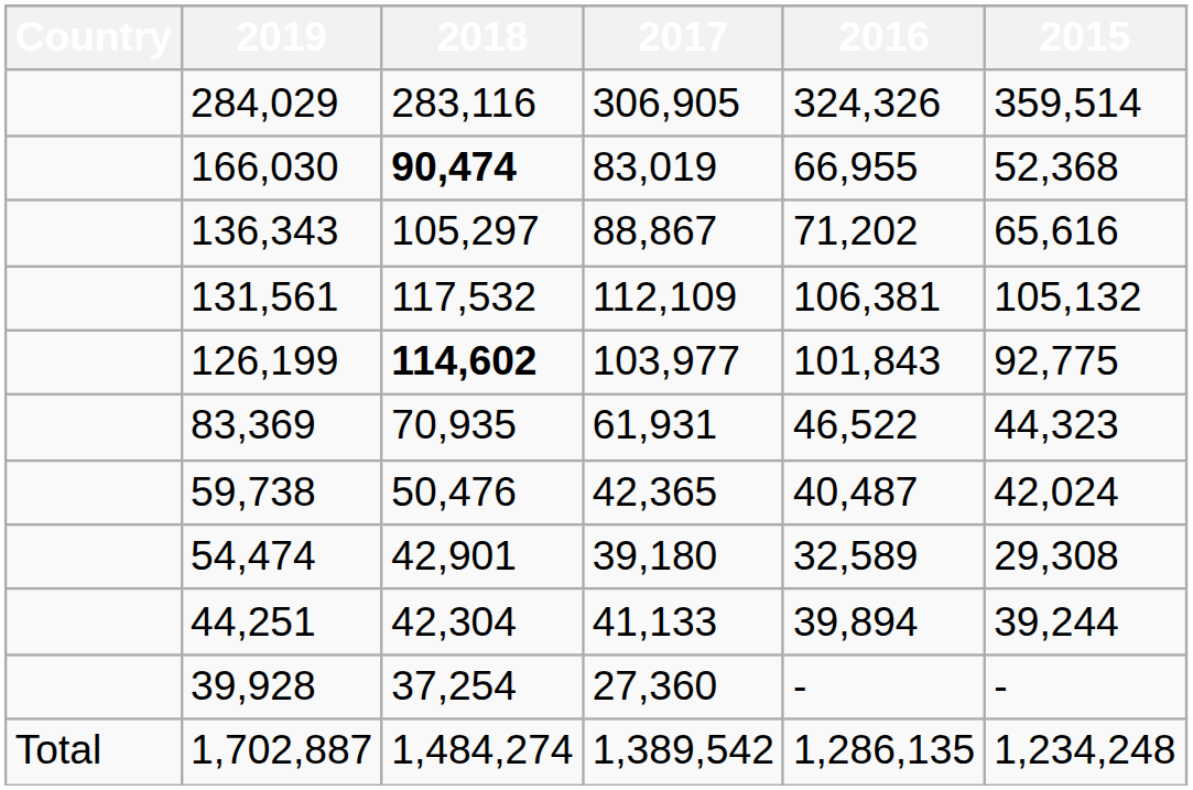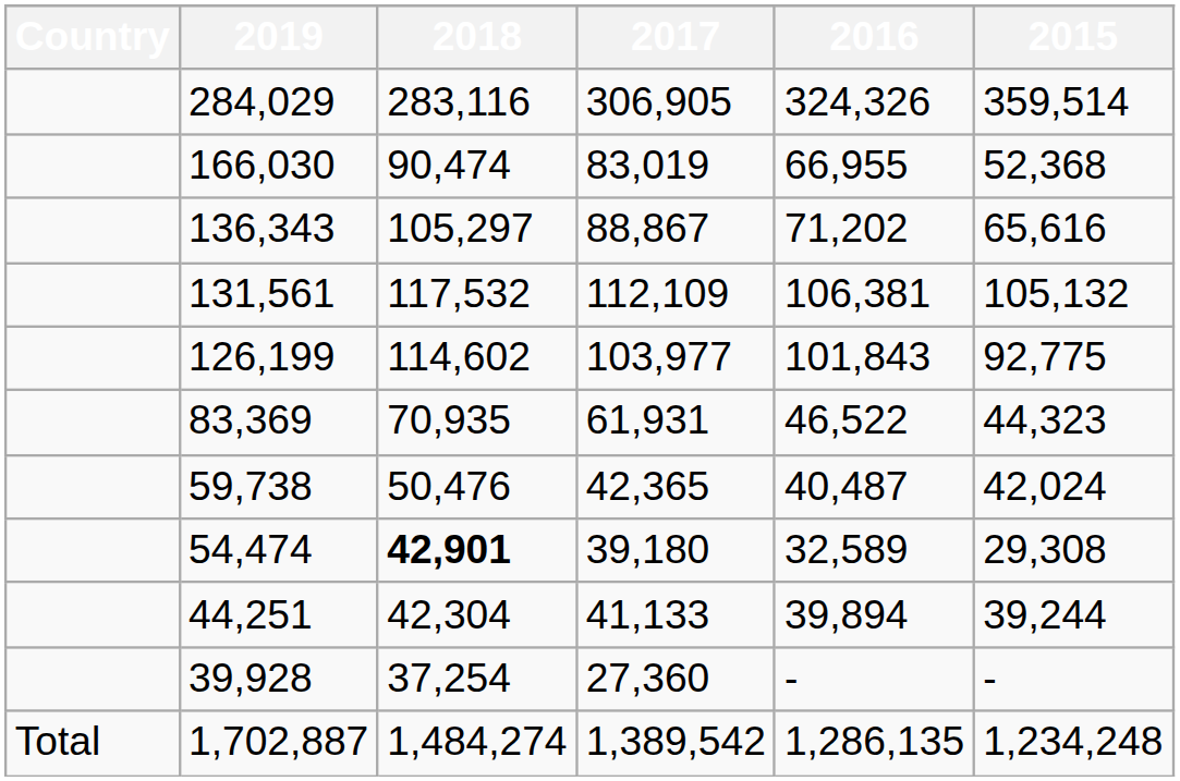 <table class="wikitable sortable">
 <tr>
 </tr>
 <tr style="color:white;">
 <th>Country</th>
 <th>2019</th>
 <th>2018</th>
 <th>2017</th>
 <th>2016</th>
 <th>2015</th>
 </tr>
 <tr>
 <td></td>
 <td>284,029</td>
 <td>283,116</td>
 <td>306,905</td>
 <td>324,326</td>
 <td>359,514</td>
 </tr>
 <tr>
 <td></td>
 <td>166,030</td>
-<td><strong>90,474</strong></td>
+<td>90,474</td>
 <td>83,019</td>
 <td>66,955</td>
 <td>52,368</td>
 </tr>
 <tr>
 <td></td>
 <td>136,343</td>
 <td>105,297</td>
 <td>88,867</td>
 <td>71,202</td>
 <td>65,616</td>
 </tr>
 <tr>
 <td></td>
 <td>131,561</td>
 <td>117,532</td>
 <td>112,109</td>
 <td>106,381</td>
 <td>105,132</td>
 </tr>
 <tr>
 <td></td>
 <td>126,199</td>
-<td><strong>114,602</strong></td>
+<td>114,602</td>
 <td>103,977</td>
 <td>101,843</td>
 <td>92,775</td>
 </tr>
 <tr>
 <td></td>
 <td>83,369</td>
 <td>70,935</td>
 <td>61,931</td>
 <td>46,522</td>
 <td>44,323</td>
 </tr>
 <tr>
 <td></td>
 <td>59,738</td>
 <td>50,476</td>
 <td>42,365</td>
 <td>40,487</td>
 <td>42,024</td>
 </tr>
 <tr>
 <td></td>
 <td>54,474</td>
-<td>42,901</td>
+<td><strong>42,901</strong></td>
 <td>39,180</td>
 <td>32,589</td>
 <td>29,308</td>
 </tr>
 <tr>
 <td></td>
 <td>44,251</td>
 <td>42,304</td>
 <td>41,133</td>
 <td>39,894</td>
 <td>39,244</td>
 </tr>
 <tr>
 <td></td>
 <td>39,928</td>
 <td>37,254</td>
 <td>27,360</td>
 <td>-</td>
 <td>-</td>
 </tr>
 <tr>
 <td>Total</td>
 <td>1,702,887</td>
 <td>1,484,274</td>
 <td>1,389,542</td>
 <td>1,286,135</td>
 <td>1,234,248</td>
 </tr>
 </table>
